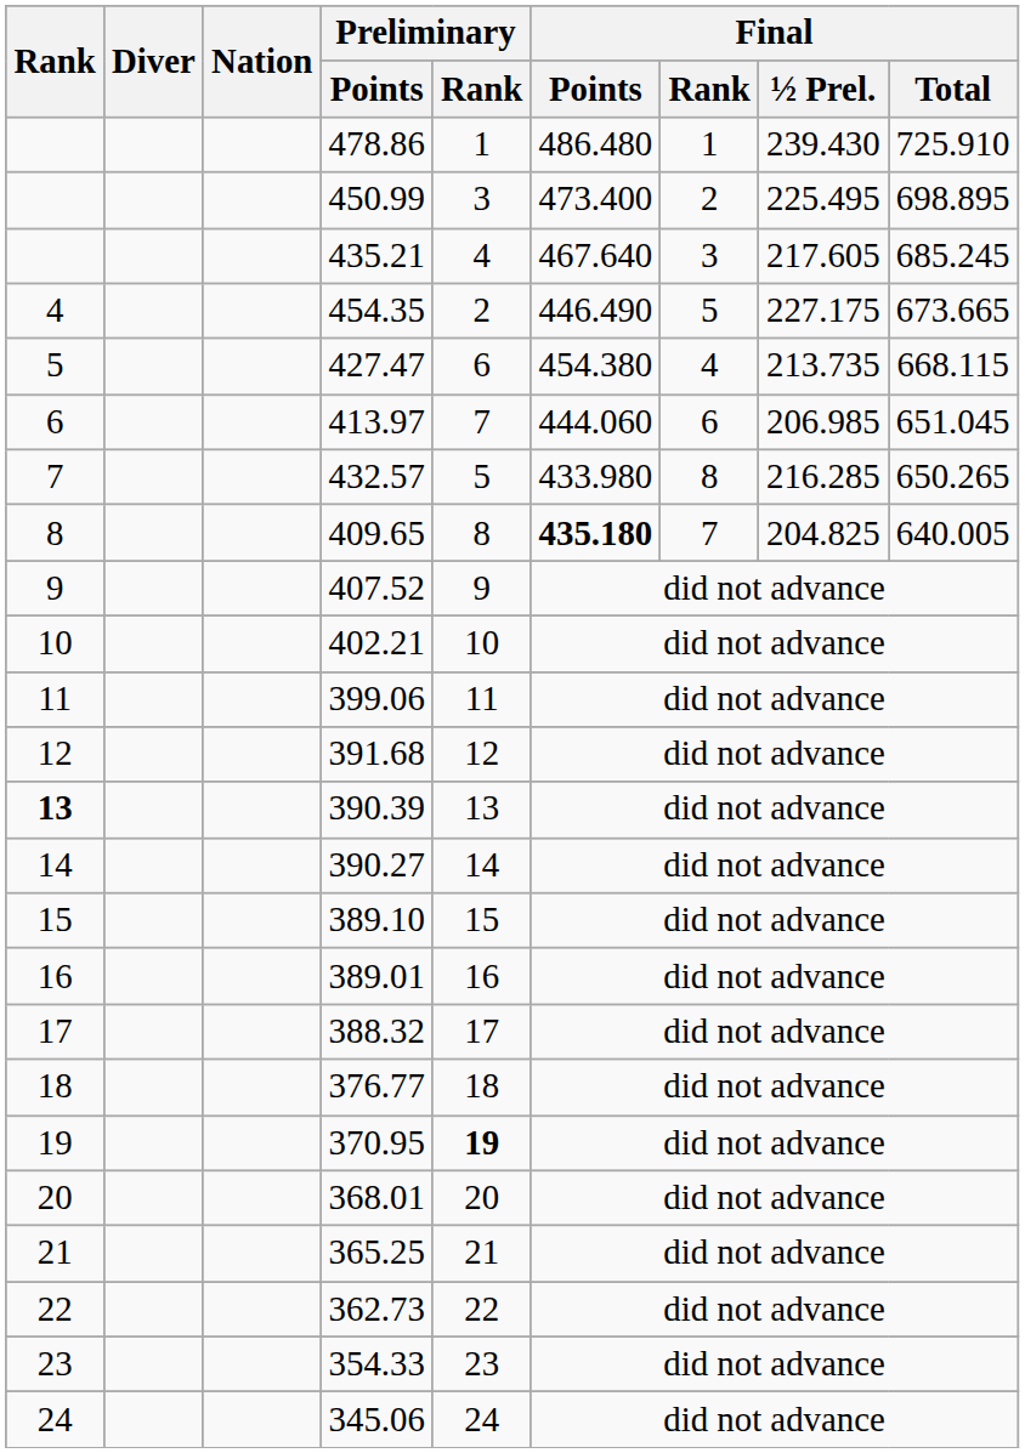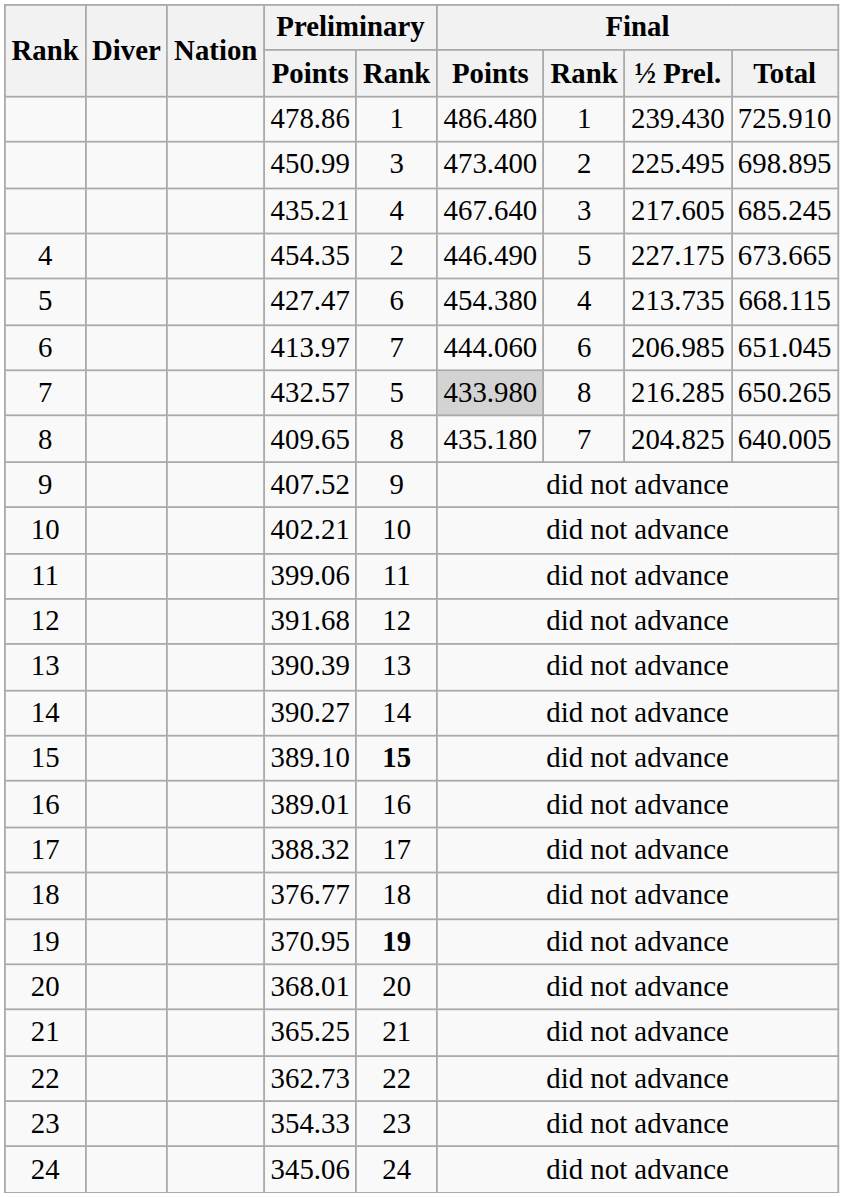 <table class="wikitable sortable" style="text-align:center;">
 <tr>
 <th rowspan=2>Rank</th>
 <th rowspan=2>Diver</th>
 <th rowspan=2>Nation</th>
 <th colspan=2>Preliminary</th>
 <th colspan=4>Final</th>
 </tr>
 <tr>
 <th>Points</th>
 <th>Rank</th>
 <th>Points</th>
 <th>Rank</th>
 <th>½ Prel.</th>
 <th>Total</th>
 </tr>
 <tr>
 <td></td>
 <td align=left></td>
 <td align=left></td>
 <td>478.86</td>
 <td>1</td>
 <td>486.480</td>
 <td>1</td>
 <td>239.430</td>
 <td>725.910</td>
 </tr>
 <tr>
 <td></td>
 <td align=left></td>
 <td align=left></td>
 <td>450.99</td>
 <td>3</td>
 <td>473.400</td>
 <td>2</td>
 <td>225.495</td>
 <td>698.895</td>
 </tr>
 <tr>
 <td></td>
 <td align=left></td>
 <td align=left></td>
 <td>435.21</td>
 <td>4</td>
 <td>467.640</td>
 <td>3</td>
 <td>217.605</td>
 <td>685.245</td>
 </tr>
 <tr>
 <td>4</td>
 <td align=left></td>
 <td align=left></td>
 <td>454.35</td>
 <td>2</td>
 <td>446.490</td>
 <td>5</td>
 <td>227.175</td>
 <td>673.665</td>
 </tr>
 <tr>
 <td>5</td>
 <td align=left></td>
 <td align=left></td>
 <td>427.47</td>
 <td>6</td>
 <td>454.380</td>
 <td>4</td>
 <td>213.735</td>
 <td>668.115</td>
 </tr>
 <tr>
 <td>6</td>
 <td align=left></td>
 <td align=left></td>
 <td>413.97</td>
 <td>7</td>
 <td>444.060</td>
 <td>6</td>
 <td>206.985</td>
 <td>651.045</td>
 </tr>
 <tr>
 <td>7</td>
 <td align=left></td>
 <td align=left></td>
 <td>432.57</td>
 <td>5</td>
-<td>433.980</td>
+<td style="background: lightgrey;">433.980</td>
 <td>8</td>
 <td>216.285</td>
 <td>650.265</td>
 </tr>
 <tr>
 <td>8</td>
 <td align=left></td>
 <td align=left></td>
 <td>409.65</td>
 <td>8</td>
-<td><strong>435.180</strong></td>
+<td>435.180</td>
 <td>7</td>
 <td>204.825</td>
 <td>640.005</td>
 </tr>
 <tr>
 <td>9</td>
 <td align=left></td>
 <td align=left></td>
 <td>407.52</td>
 <td>9</td>
 <td colspan=4>did not advance</td>
 </tr>
 <tr>
 <td>10</td>
 <td align=left></td>
 <td align=left></td>
 <td>402.21</td>
 <td>10</td>
 <td colspan=4>did not advance</td>
 </tr>
 <tr>
 <td>11</td>
 <td align=left></td>
 <td align=left></td>
 <td>399.06</td>
 <td>11</td>
 <td colspan=4>did not advance</td>
 </tr>
 <tr>
 <td>12</td>
 <td align=left></td>
 <td align=left></td>
 <td>391.68</td>
 <td>12</td>
 <td colspan=4>did not advance</td>
 </tr>
 <tr>
-<td><strong>13</strong></td>
+<td>13</td>
 <td align=left></td>
 <td align=left></td>
 <td>390.39</td>
 <td>13</td>
 <td colspan=4>did not advance</td>
 </tr>
 <tr>
 <td>14</td>
 <td align=left></td>
 <td align=left></td>
 <td>390.27</td>
 <td>14</td>
 <td colspan=4>did not advance</td>
 </tr>
 <tr>
 <td>15</td>
 <td align=left></td>
 <td align=left></td>
 <td>389.10</td>
-<td>15</td>
+<td><strong>15</strong></td>
 <td colspan=4>did not advance</td>
 </tr>
 <tr>
 <td>16</td>
 <td align=left></td>
 <td align=left></td>
 <td>389.01</td>
 <td>16</td>
 <td colspan=4>did not advance</td>
 </tr>
 <tr>
 <td>17</td>
 <td align=left></td>
 <td align=left></td>
 <td>388.32</td>
 <td>17</td>
 <td colspan=4>did not advance</td>
 </tr>
 <tr>
 <td>18</td>
 <td align=left></td>
 <td align=left></td>
 <td>376.77</td>
 <td>18</td>
 <td colspan=4>did not advance</td>
 </tr>
 <tr>
 <td>19</td>
 <td align=left></td>
 <td align=left></td>
 <td>370.95</td>
 <td><strong>19</strong></td>
 <td colspan=4>did not advance</td>
 </tr>
 <tr>
 <td>20</td>
 <td align=left></td>
 <td align=left></td>
 <td>368.01</td>
 <td>20</td>
 <td colspan=4>did not advance</td>
 </tr>
 <tr>
 <td>21</td>
 <td align=left></td>
 <td align=left></td>
 <td>365.25</td>
 <td>21</td>
 <td colspan=4>did not advance</td>
 </tr>
 <tr>
 <td>22</td>
 <td align=left></td>
 <td align=left></td>
 <td>362.73</td>
 <td>22</td>
 <td colspan=4>did not advance</td>
 </tr>
 <tr>
 <td>23</td>
 <td align=left></td>
 <td align=left></td>
 <td>354.33</td>
 <td>23</td>
 <td colspan=4>did not advance</td>
 </tr>
 <tr>
 <td>24</td>
 <td align=left></td>
 <td align=left></td>
 <td>345.06</td>
 <td>24</td>
 <td colspan=4>did not advance</td>
 </tr>
 </table>
